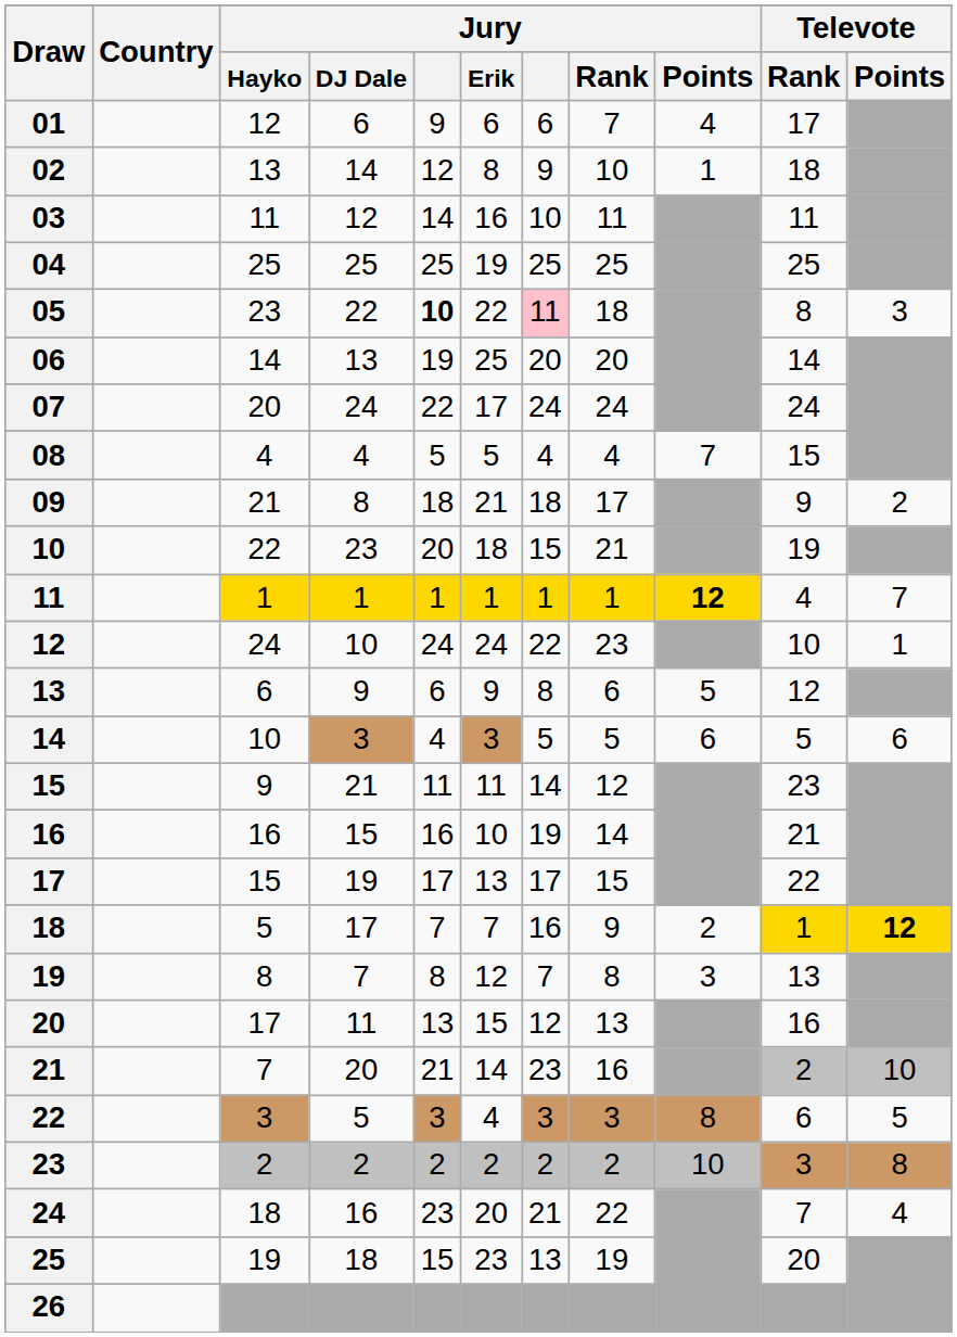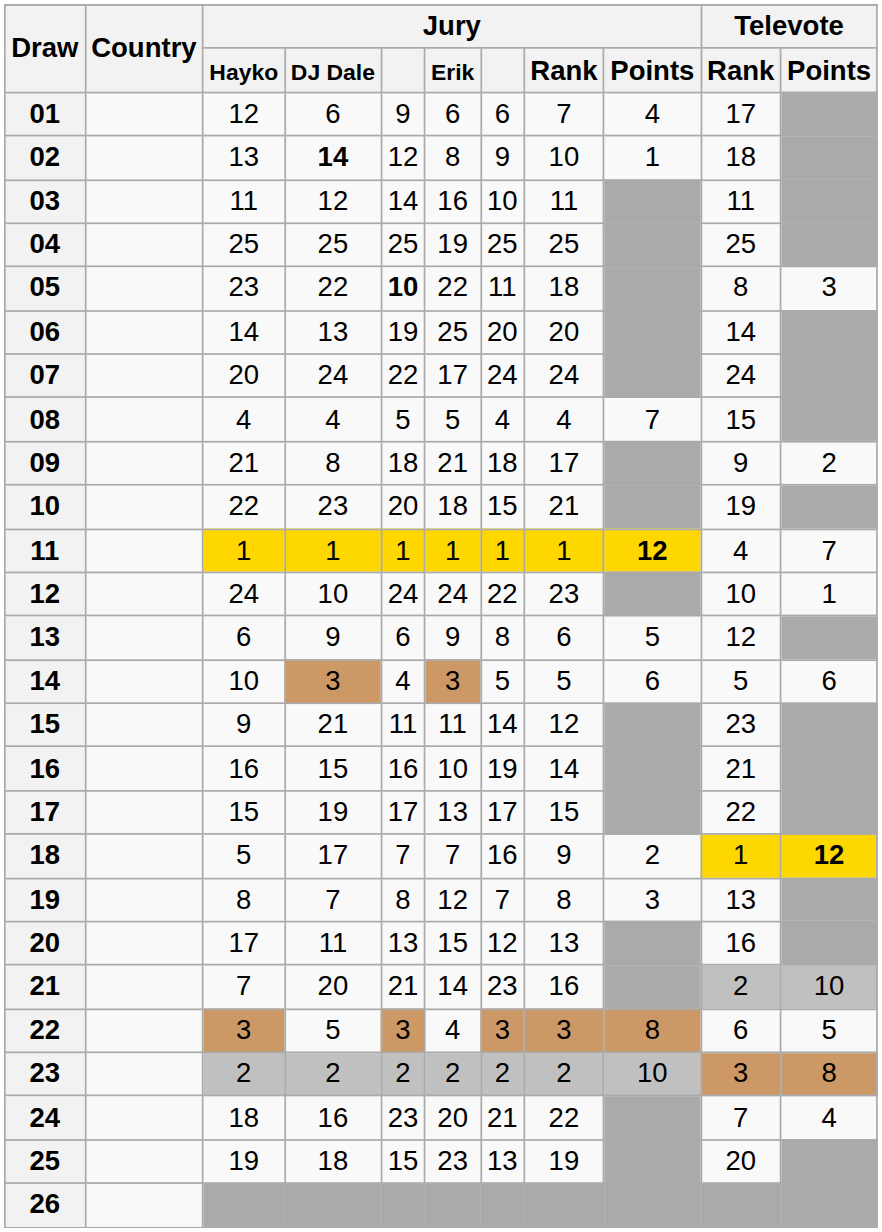 <table class="sortable wikitable collapsible plainrowheaders" style="text-align:center;">
 <tr>
 </tr>
 <tr>
 <th scope="col" rowspan="2">Draw</th>
 <th scope="col" rowspan="2">Country</th>
 <th scope="col" colspan="7">Jury</th>
 <th scope="col" colspan="2">Televote</th>
 </tr>
 <tr>
 <th scope="col"><small>Hayko</small></th>
 <th scope="col"><small>DJ Dale</small></th>
 <th scope="col"><small></small></th>
 <th scope="col"><small>Erik</small></th>
 <th scope="col"><small></small></th>
 <th scope="col">Rank</th>
 <th scope="col">Points</th>
 <th scope="col">Rank</th>
 <th scope="col">Points</th>
 </tr>
 <tr>
 <th scope="row" style="text-align:center;">01</th>
 <td style="text-align:left;"></td>
 <td>12</td>
 <td>6</td>
 <td>9</td>
 <td>6</td>
 <td>6</td>
 <td>7</td>
 <td>4</td>
 <td>17</td>
 <td style="background:#AAAAAA;"></td>
 </tr>
 <tr>
 <th scope="row" style="text-align:center;">02</th>
 <td style="text-align:left;"></td>
 <td>13</td>
-<td>14</td>
+<td><strong>14</strong></td>
 <td>12</td>
 <td>8</td>
 <td>9</td>
 <td>10</td>
 <td>1</td>
 <td>18</td>
 <td style="background:#AAAAAA;"></td>
 </tr>
 <tr>
 <th scope="row" style="text-align:center;">03</th>
 <td style="text-align:left;"></td>
 <td>11</td>
 <td>12</td>
 <td>14</td>
 <td>16</td>
 <td>10</td>
 <td>11</td>
 <td style="background:#AAAAAA;"></td>
 <td>11</td>
 <td style="background:#AAAAAA;"></td>
 </tr>
 <tr>
 <th scope="row" style="text-align:center;">04</th>
 <td style="text-align:left;"></td>
 <td>25</td>
 <td>25</td>
 <td>25</td>
 <td>19</td>
 <td>25</td>
 <td>25</td>
 <td style="background:#AAAAAA;"></td>
 <td>25</td>
 <td style="background:#AAAAAA;"></td>
 </tr>
 <tr>
 <th scope="row" style="text-align:center;">05</th>
 <td style="text-align:left;"></td>
 <td>23</td>
 <td>22</td>
 <td><strong>10</strong></td>
 <td>22</td>
-<td style="background: pink;">11</td>
+<td>11</td>
 <td>18</td>
 <td style="background:#AAAAAA;"></td>
 <td>8</td>
 <td>3</td>
 </tr>
 <tr>
 <th scope="row" style="text-align:center;">06</th>
 <td style="text-align:left;"></td>
 <td>14</td>
 <td>13</td>
 <td>19</td>
 <td>25</td>
 <td>20</td>
 <td>20</td>
 <td style="background:#AAAAAA;"></td>
 <td>14</td>
 <td style="background:#AAAAAA;"></td>
 </tr>
 <tr>
 <th scope="row" style="text-align:center;">07</th>
 <td style="text-align:left;"></td>
 <td>20</td>
 <td>24</td>
 <td>22</td>
 <td>17</td>
 <td>24</td>
 <td>24</td>
 <td style="background:#AAAAAA;"></td>
 <td>24</td>
 <td style="background:#AAAAAA;"></td>
 </tr>
 <tr>
 <th scope="row" style="text-align:center;">08</th>
 <td style="text-align:left;"></td>
 <td>4</td>
 <td>4</td>
 <td>5</td>
 <td>5</td>
 <td>4</td>
 <td>4</td>
 <td>7</td>
 <td>15</td>
 <td style="background:#AAAAAA;"></td>
 </tr>
 <tr>
 <th scope="row" style="text-align:center;">09</th>
 <td style="text-align:left;"></td>
 <td>21</td>
 <td>8</td>
 <td>18</td>
 <td>21</td>
 <td>18</td>
 <td>17</td>
 <td style="background:#AAAAAA;"></td>
 <td>9</td>
 <td>2</td>
 </tr>
 <tr>
 <th scope="row" style="text-align:center;">10</th>
 <td style="text-align:left;"></td>
 <td>22</td>
 <td>23</td>
 <td>20</td>
 <td>18</td>
 <td>15</td>
 <td>21</td>
 <td style="background:#AAAAAA;"></td>
 <td>19</td>
 <td style="background:#AAAAAA;"></td>
 </tr>
 <tr>
 <th scope="row" style="text-align:center;">11</th>
 <td style="text-align:left;"></td>
 <td style="background:gold;">1</td>
 <td style="background:gold;">1</td>
 <td style="background:gold;">1</td>
 <td style="background:gold;">1</td>
 <td style="background:gold;">1</td>
 <td style="background:gold;">1</td>
 <td style="background:gold;"><strong>12</strong></td>
 <td>4</td>
 <td>7</td>
 </tr>
 <tr>
 <th scope="row" style="text-align:center;">12</th>
 <td style="text-align:left;"></td>
 <td>24</td>
 <td>10</td>
 <td>24</td>
 <td>24</td>
 <td>22</td>
 <td>23</td>
 <td style="background:#AAAAAA;"></td>
 <td>10</td>
 <td>1</td>
 </tr>
 <tr>
 <th scope="row" style="text-align:center;">13</th>
 <td style="text-align:left;"></td>
 <td>6</td>
 <td>9</td>
 <td>6</td>
 <td>9</td>
 <td>8</td>
 <td>6</td>
 <td>5</td>
 <td>12</td>
 <td style="background:#AAAAAA;"></td>
 </tr>
 <tr>
 <th scope="row" style="text-align:center;">14</th>
 <td style="text-align:left;"></td>
 <td>10</td>
 <td style="background:#CC9966;">3</td>
 <td>4</td>
 <td style="background:#CC9966;">3</td>
 <td>5</td>
 <td>5</td>
 <td>6</td>
 <td>5</td>
 <td>6</td>
 </tr>
 <tr>
 <th scope="row" style="text-align:center;">15</th>
 <td style="text-align:left;"></td>
 <td>9</td>
 <td>21</td>
 <td>11</td>
 <td>11</td>
 <td>14</td>
 <td>12</td>
 <td style="background:#AAAAAA;"></td>
 <td>23</td>
 <td style="background:#AAAAAA;"></td>
 </tr>
 <tr>
 <th scope="row" style="text-align:center;">16</th>
 <td style="text-align:left;"></td>
 <td>16</td>
 <td>15</td>
 <td>16</td>
 <td>10</td>
 <td>19</td>
 <td>14</td>
 <td style="background:#AAAAAA;"></td>
 <td>21</td>
 <td style="background:#AAAAAA;"></td>
 </tr>
 <tr>
 <th scope="row" style="text-align:center;">17</th>
 <td style="text-align:left;"></td>
 <td>15</td>
 <td>19</td>
 <td>17</td>
 <td>13</td>
 <td>17</td>
 <td>15</td>
 <td style="background:#AAAAAA;"></td>
 <td>22</td>
 <td style="background:#AAAAAA;"></td>
 </tr>
 <tr>
 <th scope="row" style="text-align:center;">18</th>
 <td style="text-align:left;"></td>
 <td>5</td>
 <td>17</td>
 <td>7</td>
 <td>7</td>
 <td>16</td>
 <td>9</td>
 <td>2</td>
 <td style="background:gold;">1</td>
 <td style="background:gold;"><strong>12</strong></td>
 </tr>
 <tr>
 <th scope="row" style="text-align:center;">19</th>
 <td style="text-align:left;"></td>
 <td>8</td>
 <td>7</td>
 <td>8</td>
 <td>12</td>
 <td>7</td>
 <td>8</td>
 <td>3</td>
 <td>13</td>
 <td style="background:#AAAAAA;"></td>
 </tr>
 <tr>
 <th scope="row" style="text-align:center;">20</th>
 <td style="text-align:left;"></td>
 <td>17</td>
 <td>11</td>
 <td>13</td>
 <td>15</td>
 <td>12</td>
 <td>13</td>
 <td style="background:#AAAAAA;"></td>
 <td>16</td>
 <td style="background:#AAAAAA;"></td>
 </tr>
 <tr>
 <th scope="row" style="text-align:center;">21</th>
 <td style="text-align:left;"></td>
 <td>7</td>
 <td>20</td>
 <td>21</td>
 <td>14</td>
 <td>23</td>
 <td>16</td>
 <td style="background:#AAAAAA;"></td>
 <td style="background:silver;">2</td>
 <td style="background:silver;">10</td>
 </tr>
 <tr>
 <th scope="row" style="text-align:center;">22</th>
 <td style="text-align:left;"></td>
 <td style="background:#CC9966;">3</td>
 <td>5</td>
 <td style="background:#CC9966;">3</td>
 <td>4</td>
 <td style="background:#CC9966;">3</td>
 <td style="background:#CC9966;">3</td>
 <td style="background:#CC9966;">8</td>
 <td>6</td>
 <td>5</td>
 </tr>
 <tr>
 <th scope="row" style="text-align:center;">23</th>
 <td style="text-align:left;"></td>
 <td style="background:silver;">2</td>
 <td style="background:silver;">2</td>
 <td style="background:silver;">2</td>
 <td style="background:silver;">2</td>
 <td style="background:silver;">2</td>
 <td style="background:silver;">2</td>
 <td style="background:silver;">10</td>
 <td style="background:#CC9966;">3</td>
 <td style="background:#CC9966;">8</td>
 </tr>
 <tr>
 <th scope="row" style="text-align:center;">24</th>
 <td style="text-align:left;"></td>
 <td>18</td>
 <td>16</td>
 <td>23</td>
 <td>20</td>
 <td>21</td>
 <td>22</td>
 <td style="background:#AAAAAA;"></td>
 <td>7</td>
 <td>4</td>
 </tr>
 <tr>
 <th scope="row" style="text-align:center;">25</th>
 <td style="text-align:left;"></td>
 <td>19</td>
 <td>18</td>
 <td>15</td>
 <td>23</td>
 <td>13</td>
 <td>19</td>
 <td style="background:#AAAAAA;"></td>
 <td>20</td>
 <td style="background:#AAAAAA;"></td>
 </tr>
 <tr class="sortbottom">
 <th scope="row" style="text-align:center;">26</th>
 <td style="text-align:left;"></td>
 <td style="background:#AAAAAA;"></td>
 <td style="background:#AAAAAA;"></td>
 <td style="background:#AAAAAA;"></td>
 <td style="background:#AAAAAA;"></td>
 <td style="background:#AAAAAA;"></td>
 <td style="background:#AAAAAA;"></td>
 <td style="background:#AAAAAA;"></td>
 <td style="background:#AAAAAA;"></td>
 <td style="background:#AAAAAA;"></td>
 </tr>
 </table>
